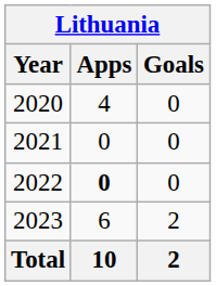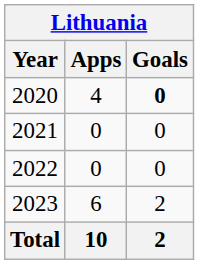 <table class="wikitable" style="text-align:center">
 <tr>
 <th colspan=3><a href='#'>Lithuania</a></th>
 </tr>
 <tr>
 <th>Year</th>
 <th>Apps</th>
 <th>Goals</th>
 </tr>
 <tr>
 <td>2020</td>
 <td>4</td>
-<td>0</td>
+<td><strong>0</strong></td>
 </tr>
 <tr>
 <td>2021</td>
 <td>0</td>
 <td>0</td>
 </tr>
 <tr>
 <td>2022</td>
-<td><strong>0</strong></td>
+<td>0</td>
 <td>0</td>
 </tr>
 <tr>
 <td>2023</td>
 <td>6</td>
 <td>2</td>
 </tr>
 <tr>
 <th>Total</th>
 <th>10</th>
 <th>2</th>
 </tr>
 </table>
